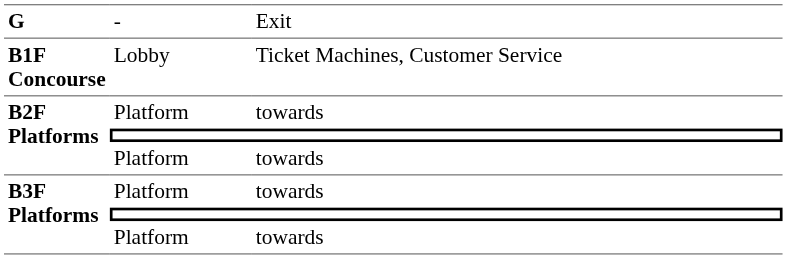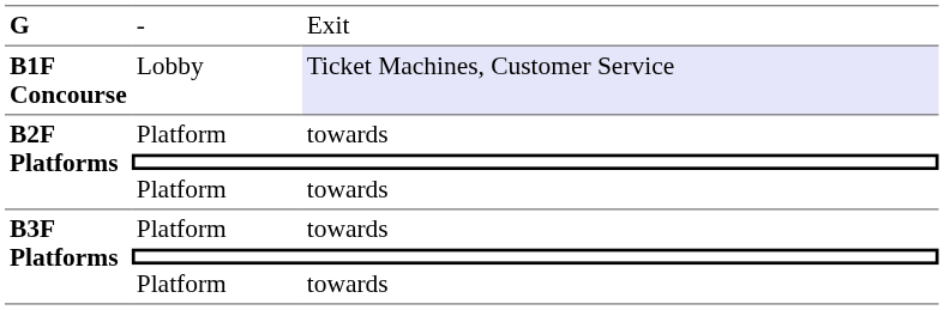 <table table border=0 cellspacing=0 cellpadding=3>
 <tr>
 <td style="border-top:solid 1px gray;" width=50 valign=top><strong>G</strong></td>
 <td style="border-top:solid 1px gray;" width=100 valign=top>-</td>
 <td style="border-top:solid 1px gray;" width=390 valign=top>Exit</td>
 </tr>
 <tr>
 <td style="border-bottom:solid 1px gray; border-top:solid 1px gray;" valign=top width=50><strong>B1F<br>Concourse</strong></td>
 <td style="border-bottom:solid 1px gray; border-top:solid 1px gray;" valign=top width=100>Lobby</td>
-<td style="border-bottom:solid 1px gray; border-top:solid 1px gray;" valign=top width=390>Ticket Machines, Customer Service</td>
+<td style="background: lavender; border-bottom:solid 1px gray; border-top:solid 1px gray;" valign=top width=390>Ticket Machines, Customer Service</td>
 </tr>
 <tr>
 <td style="border-bottom:solid 1px gray;" rowspan=3 valign=top><strong>B2F<br> Platforms</strong></td>
 <td>Platform </td>
 <td>  towards  </td>
 </tr>
 <tr>
 <td style="border-right:solid 2px black;border-left:solid 2px black;border-top:solid 2px black;border-bottom:solid 2px black;text-align:center;" colspan=2></td>
 </tr>
 <tr>
 <td style="border-bottom:solid 1px gray;">Platform </td>
 <td style="border-bottom:solid 1px gray;">  towards   </td>
 </tr>
 <tr>
 <td style="border-bottom:solid 1px gray;" rowspan=4 valign=top><strong>B3F<br> Platforms</strong></td>
 <td>Platform </td>
 <td>  towards  </td>
 </tr>
 <tr>
 <td style="border-right:solid 2px black;border-left:solid 2px black;border-top:solid 2px black;border-bottom:solid 2px black;text-align:center;" colspan=2></td>
 </tr>
 <tr>
 <td style="border-bottom:solid 1px gray;">Platform </td>
 <td style="border-bottom:solid 1px gray;">  towards   </td>
 </tr>
 </table>
